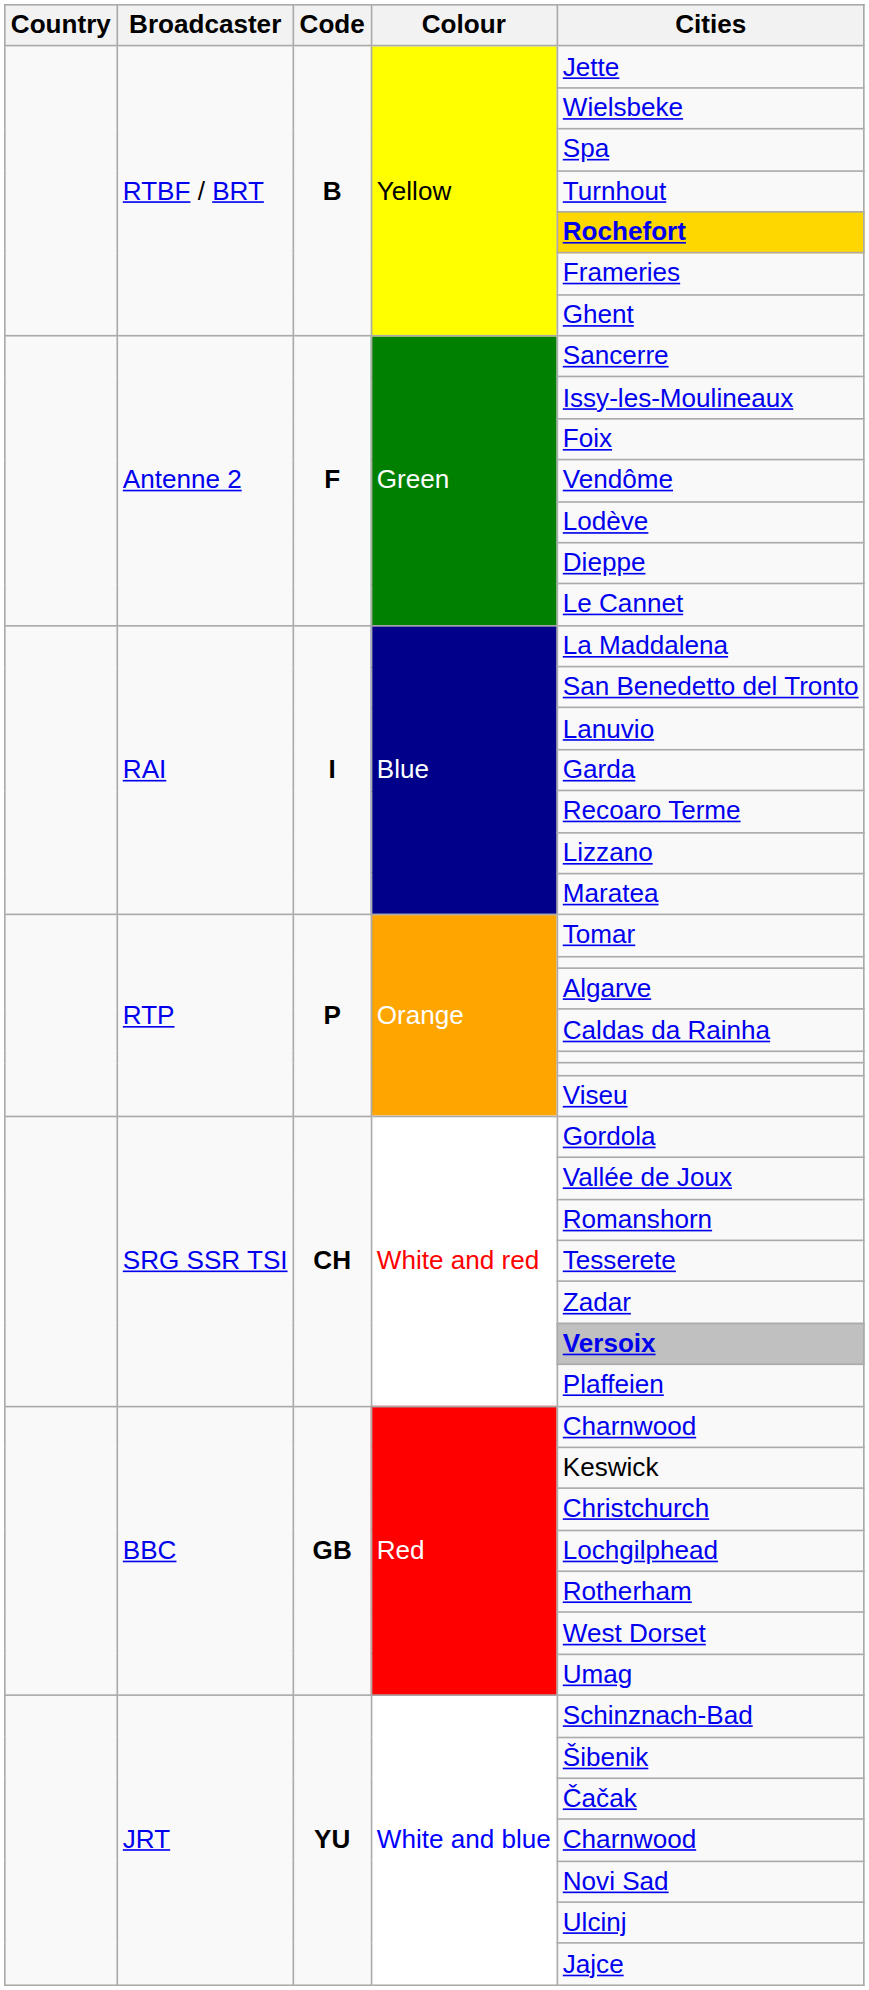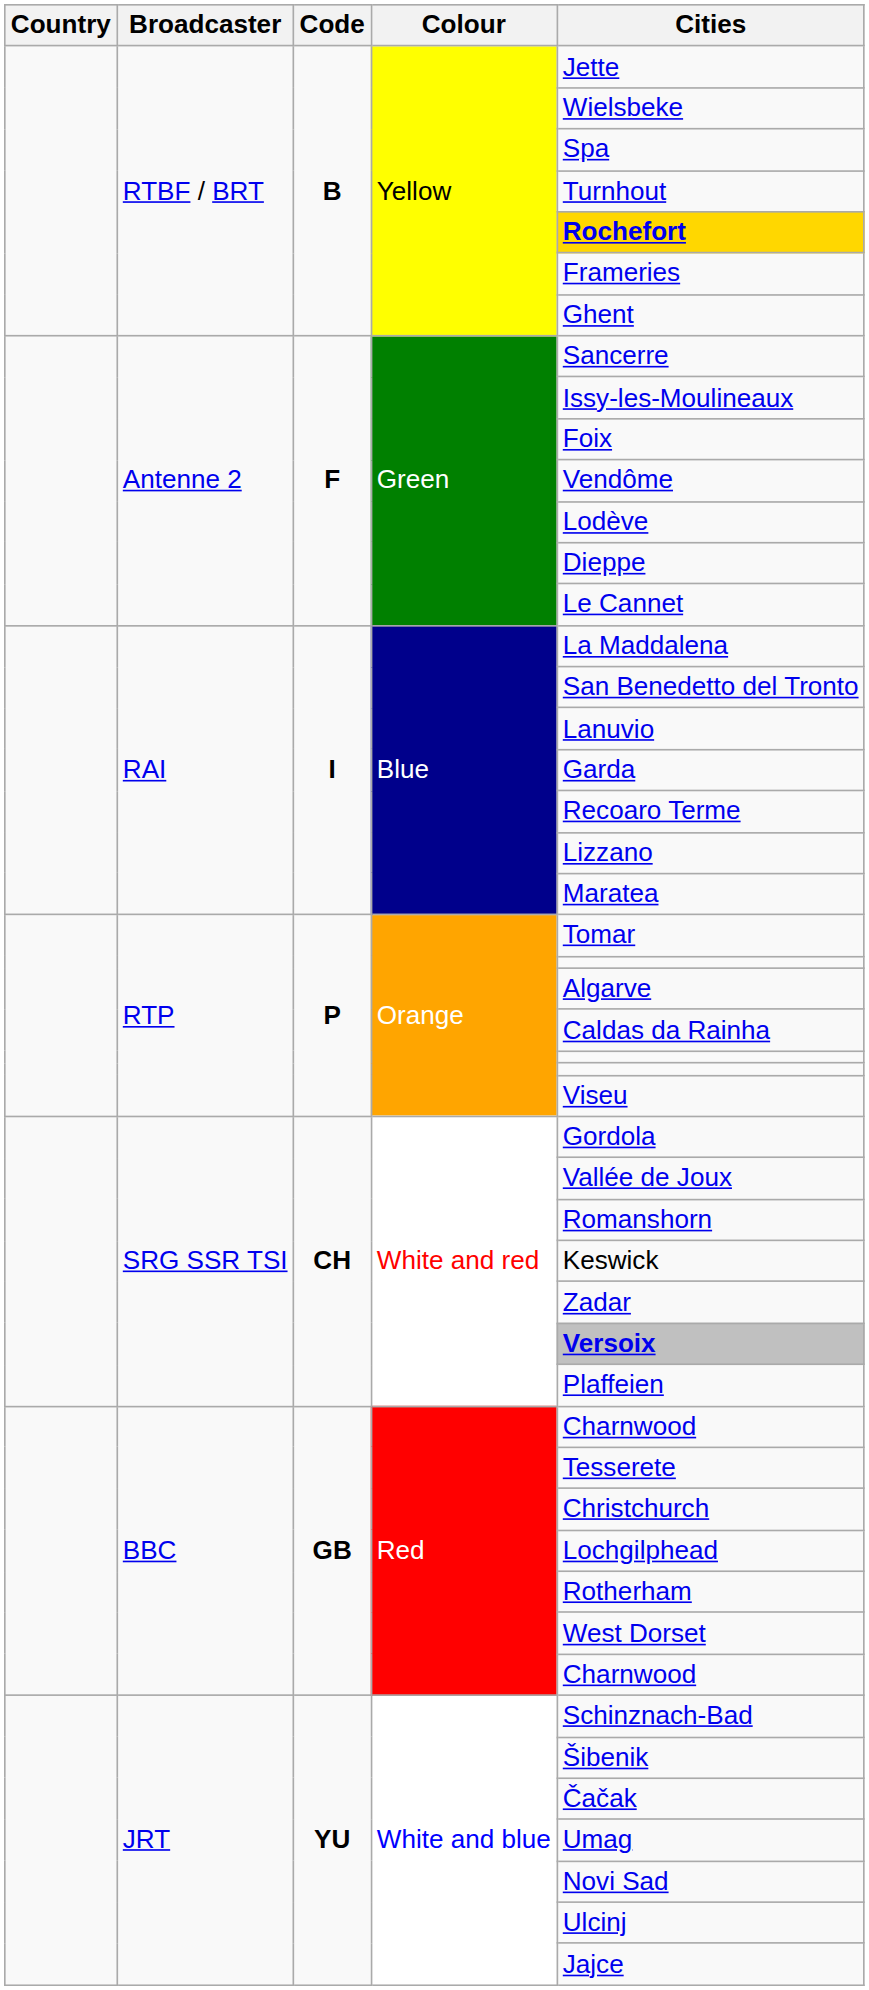 <table class="wikitable sortable">
 <tr>
 <th>Country</th>
 <th>Broadcaster</th>
 <th>Code</th>
 <th>Colour</th>
 <th>Cities</th>
 </tr>
 <tr>
 <td rowspan=7></td>
 <td rowspan=7><a href='#'>RTBF</a> / <a href='#'>BRT</a></td>
 <td rowspan=7 align="center"><strong>B</strong></td>
 <td rowspan=7 style="background:yellow">Yellow</td>
 <td><a href='#'>Jette</a></td>
 </tr>
 <tr>
 <td><a href='#'>Wielsbeke</a></td>
 </tr>
 <tr>
 <td><a href='#'>Spa</a></td>
 </tr>
 <tr>
 <td><a href='#'>Turnhout</a></td>
 </tr>
 <tr>
 <td style="font-weight:bold; background:gold;"><a href='#'>Rochefort</a></td>
 </tr>
 <tr>
 <td><a href='#'>Frameries</a></td>
 </tr>
 <tr>
 <td><a href='#'>Ghent</a></td>
 </tr>
 <tr>
 <td rowspan=7></td>
 <td rowspan=7><a href='#'>Antenne 2</a></td>
 <td rowspan=7 align="center"><strong>F</strong></td>
 <td rowspan=7 style="background:green; color: white">Green</td>
 <td> <a href='#'>Sancerre</a></td>
 </tr>
 <tr>
 <td> <a href='#'>Issy-les-Moulineaux</a></td>
 </tr>
 <tr>
 <td> <a href='#'>Foix</a></td>
 </tr>
 <tr>
 <td> <a href='#'>Vendôme</a></td>
 </tr>
 <tr>
 <td> <a href='#'>Lodève</a></td>
 </tr>
 <tr>
 <td> <a href='#'>Dieppe</a></td>
 </tr>
 <tr>
 <td> <a href='#'>Le Cannet</a></td>
 </tr>
 <tr>
 <td rowspan=7></td>
 <td rowspan=7><a href='#'>RAI</a></td>
 <td rowspan=7 align="center"><strong>I</strong></td>
 <td rowspan=7 style="background:darkblue; color: white">Blue</td>
 <td> <a href='#'>La Maddalena</a></td>
 </tr>
 <tr>
 <td><a href='#'>San Benedetto del Tronto</a></td>
 </tr>
 <tr>
 <td><a href='#'>Lanuvio</a></td>
 </tr>
 <tr>
 <td><a href='#'>Garda</a></td>
 </tr>
 <tr>
 <td><a href='#'>Recoaro Terme</a></td>
 </tr>
 <tr>
 <td><a href='#'>Lizzano</a></td>
 </tr>
 <tr>
 <td><a href='#'>Maratea</a></td>
 </tr>
 <tr>
 <td rowspan=7></td>
 <td rowspan=7><a href='#'>RTP</a></td>
 <td rowspan=7 align="center"><strong>P</strong></td>
 <td rowspan=7 style="background:orange; color: white">Orange</td>
 <td><a href='#'>Tomar</a></td>
 </tr>
 <tr>
 <td></td>
 </tr>
 <tr>
 <td><a href='#'>Algarve</a></td>
 </tr>
 <tr>
 <td><a href='#'>Caldas da Rainha</a></td>
 </tr>
 <tr>
 <td></td>
 </tr>
 <tr>
 <td></td>
 </tr>
 <tr>
 <td><a href='#'>Viseu</a></td>
 </tr>
 <tr>
 <td rowspan=7></td>
 <td rowspan=7><a href='#'>SRG SSR TSI</a></td>
 <td rowspan=7 align="center"><strong>CH</strong></td>
 <td rowspan=7 style="background:white; color: red">White and red</td>
 <td><a href='#'>Gordola</a></td>
 </tr>
 <tr>
 <td><a href='#'>Vallée de Joux</a></td>
 </tr>
 <tr>
 <td><a href='#'>Romanshorn</a></td>
 </tr>
 <tr>
-<td><a href='#'>Tesserete</a></td>
+<td>Keswick</td>
 </tr>
 <tr>
 <td> <a href='#'>Zadar</a></td>
 </tr>
 <tr>
 <td style="font-weight:bold; background:silver;"><a href='#'>Versoix</a></td>
 </tr>
 <tr>
 <td><a href='#'>Plaffeien</a></td>
 </tr>
 <tr>
 <td rowspan=7></td>
 <td rowspan=7><a href='#'>BBC</a></td>
 <td rowspan=7 align="center"><strong>GB</strong></td>
 <td rowspan=7 style="background:red; color: white">Red</td>
 <td><a href='#'>Charnwood</a></td>
 </tr>
 <tr>
-<td>Keswick</td>
+<td><a href='#'>Tesserete</a></td>
 </tr>
 <tr>
 <td><a href='#'>Christchurch</a></td>
 </tr>
 <tr>
 <td><a href='#'>Lochgilphead</a></td>
 </tr>
 <tr>
 <td><a href='#'>Rotherham</a></td>
 </tr>
 <tr>
 <td><a href='#'>West Dorset</a></td>
 </tr>
 <tr>
-<td> <a href='#'>Umag</a></td>
+<td><a href='#'>Charnwood</a></td>
 </tr>
 <tr>
 <td rowspan=7></td>
 <td rowspan=7><a href='#'>JRT</a></td>
 <td rowspan=7 align="center"><strong>YU</strong></td>
 <td rowspan=7 style="background:white; color:blue">White and blue</td>
 <td><a href='#'>Schinznach-Bad</a></td>
 </tr>
 <tr>
 <td> <a href='#'>Šibenik</a></td>
 </tr>
 <tr>
 <td> <a href='#'>Čačak</a></td>
 </tr>
 <tr>
-<td><a href='#'>Charnwood</a></td>
+<td> <a href='#'>Umag</a></td>
 </tr>
 <tr>
 <td> <a href='#'>Novi Sad</a></td>
 </tr>
 <tr>
 <td> <a href='#'>Ulcinj</a></td>
 </tr>
 <tr>
 <td> <a href='#'>Jajce</a></td>
 </tr>
 </table>
